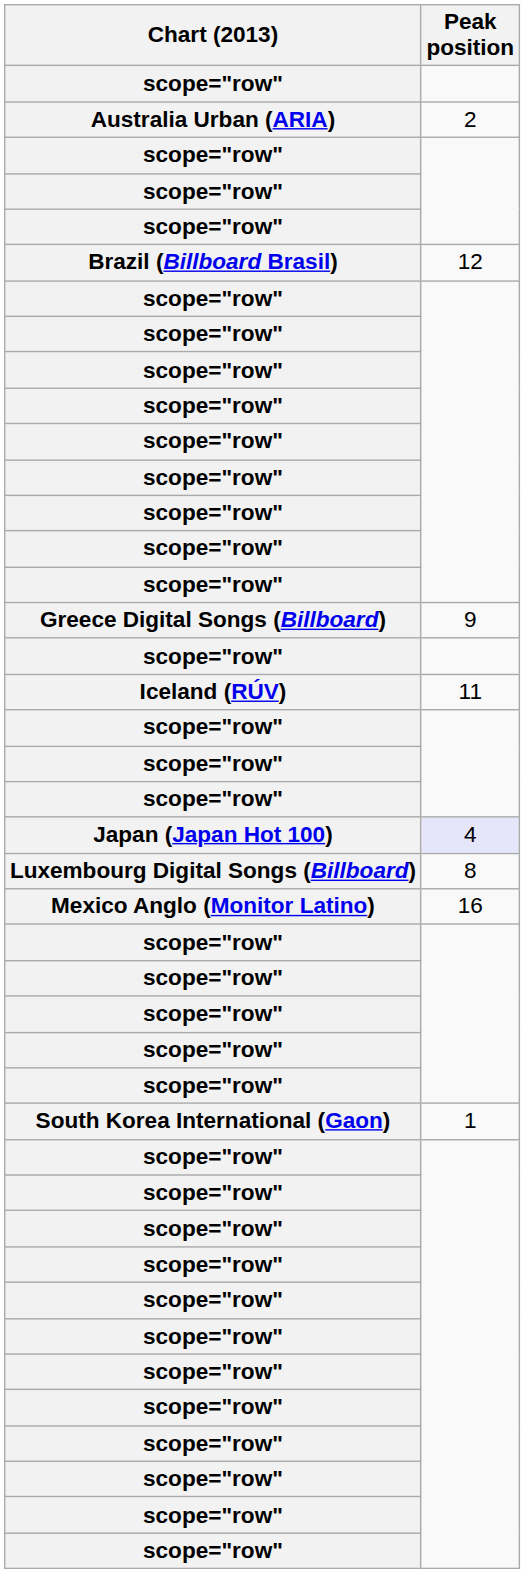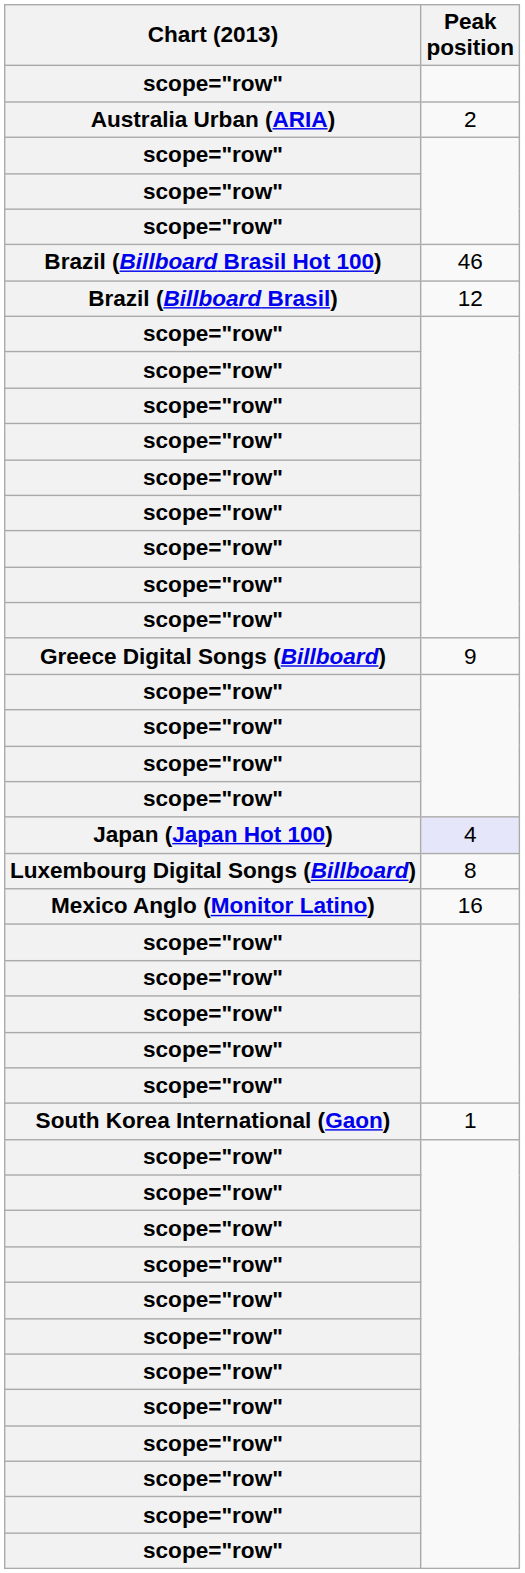 <table class="wikitable sortable plainrowheaders" style="text-align:center;">
 <tr>
 <th>Chart (2013)</th>
 <th>Peak<br>position</th>
 </tr>
 <tr>
 <th>scope="row" </th>
 </tr>
 <tr>
 <th scope="row">Australia Urban (<a href='#'>ARIA</a>)</th>
 <td>2</td>
 </tr>
 <tr>
 <th>scope="row" </th>
 </tr>
 <tr>
 <th>scope="row" </th>
 </tr>
 <tr>
 <th>scope="row" </th>
+</tr>
+<tr>
+<th scope="row">Brazil (<a href='#'><em>Billboard</em> Brasil Hot 100</a>)</th>
+<td>46</td>
 </tr>
 <tr>
 <th scope="row">Brazil (<a href='#'><em>Billboard</em> Brasil</a>)</th>
 <td>12</td>
 </tr>
 <tr>
 <th>scope="row" </th>
 </tr>
 <tr>
 <th>scope="row" </th>
 </tr>
 <tr>
 <th>scope="row" </th>
 </tr>
 <tr>
 <th>scope="row" </th>
 </tr>
 <tr>
 <th>scope="row" </th>
 </tr>
 <tr>
 <th>scope="row" </th>
 </tr>
 <tr>
 <th>scope="row" </th>
 </tr>
 <tr>
 <th>scope="row" </th>
 </tr>
 <tr>
 <th>scope="row" </th>
 </tr>
 <tr>
 <th scope="row">Greece Digital Songs (<em><a href='#'>Billboard</a></em>)</th>
 <td>9</td>
 </tr>
 <tr>
 <th>scope="row" </th>
-</tr>
-<tr>
-<th scope="row">Iceland (<a href='#'>RÚV</a>)</th>
-<td style="text-align:center;">11</td>
 </tr>
 <tr>
 <th>scope="row" </th>
 </tr>
 <tr>
 <th>scope="row" </th>
 </tr>
 <tr>
 <th>scope="row" </th>
 </tr>
 <tr>
 <th scope="row">Japan (<a href='#'>Japan Hot 100</a>)</th>
 <td style="background: lavender;">4</td>
 </tr>
 <tr>
 <th scope="row">Luxembourg Digital Songs (<em><a href='#'>Billboard</a></em>)</th>
 <td>8</td>
 </tr>
 <tr>
 <th scope="row">Mexico Anglo (<a href='#'>Monitor Latino</a>)</th>
 <td>16</td>
 </tr>
 <tr>
 <th>scope="row" </th>
 </tr>
 <tr>
 <th>scope="row" </th>
 </tr>
 <tr>
 <th>scope="row" </th>
 </tr>
 <tr>
 <th>scope="row" </th>
 </tr>
 <tr>
 <th>scope="row" </th>
 </tr>
 <tr>
 <th scope="row">South Korea International (<a href='#'>Gaon</a>)</th>
 <td>1</td>
 </tr>
 <tr>
 <th>scope="row" </th>
 </tr>
 <tr>
 <th>scope="row" </th>
 </tr>
 <tr>
 <th>scope="row" </th>
 </tr>
 <tr>
 <th>scope="row" </th>
 </tr>
 <tr>
 <th>scope="row" </th>
 </tr>
 <tr>
 <th>scope="row" </th>
 </tr>
 <tr>
 <th>scope="row" </th>
 </tr>
 <tr>
 <th>scope="row" </th>
 </tr>
 <tr>
 <th>scope="row" </th>
 </tr>
 <tr>
 <th>scope="row" </th>
 </tr>
 <tr>
 <th>scope="row" </th>
 </tr>
 <tr>
 <th>scope="row" </th>
 </tr>
 </table>
